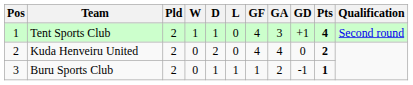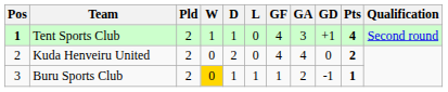 <table class="wikitable" style="text-align:center">
 <tr>
 <th style="width:20px;" abbr="Position">Pos</th>
 <th width=175>Team</th>
 <th style="width:20px;" abbr="Played">Pld</th>
 <th style="width:20px;" abbr="Won">W</th>
 <th style="width:20px;" abbr="Drawn">D</th>
 <th style="width:20px;" abbr="Lost">L</th>
 <th style="width:20px;" abbr="Goals for">GF</th>
 <th style="width:20px;" abbr="Goals against">GA</th>
 <th style="width:20px;" abbr="Goal difference">GD</th>
 <th style="width:20px;" abbr="Points">Pts</th>
 <th style="width:20px;">Qualification</th>
 </tr>
 <tr style="background:#cfc;">
-<td>1</td>
+<td><strong>1</strong></td>
 <td align=left>Tent Sports Club</td>
 <td>2</td>
 <td>1</td>
 <td>1</td>
 <td>0</td>
 <td>4</td>
 <td>3</td>
 <td>+1</td>
 <td><strong>4</strong></td>
 <td><a href='#'>Second round</a></td>
 </tr>
 <tr>
 <td>2</td>
 <td align=left>Kuda Henveiru United</td>
 <td>2</td>
 <td>0</td>
 <td>2</td>
 <td>0</td>
 <td>4</td>
 <td>4</td>
 <td>0</td>
 <td><strong>2</strong></td>
 </tr>
 <tr>
 <td>3</td>
 <td align=left>Buru Sports Club</td>
 <td>2</td>
-<td>0</td>
+<td style="background: gold;">0</td>
 <td>1</td>
 <td>1</td>
 <td>1</td>
 <td>2</td>
 <td>-1</td>
 <td><strong>1</strong></td>
 </tr>
 </table>
